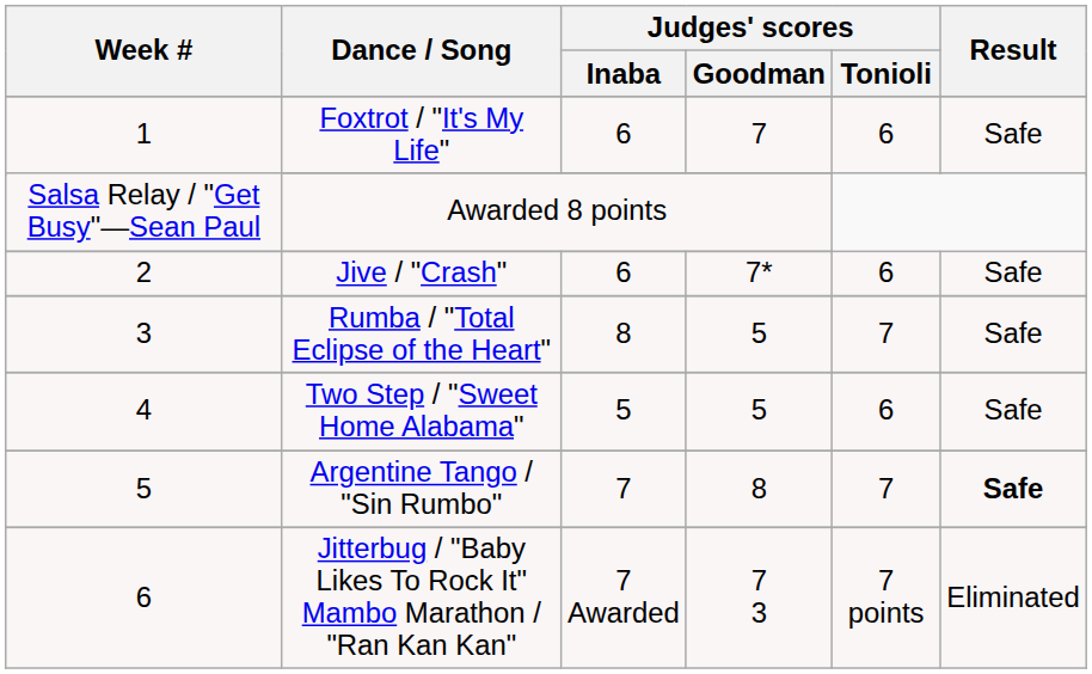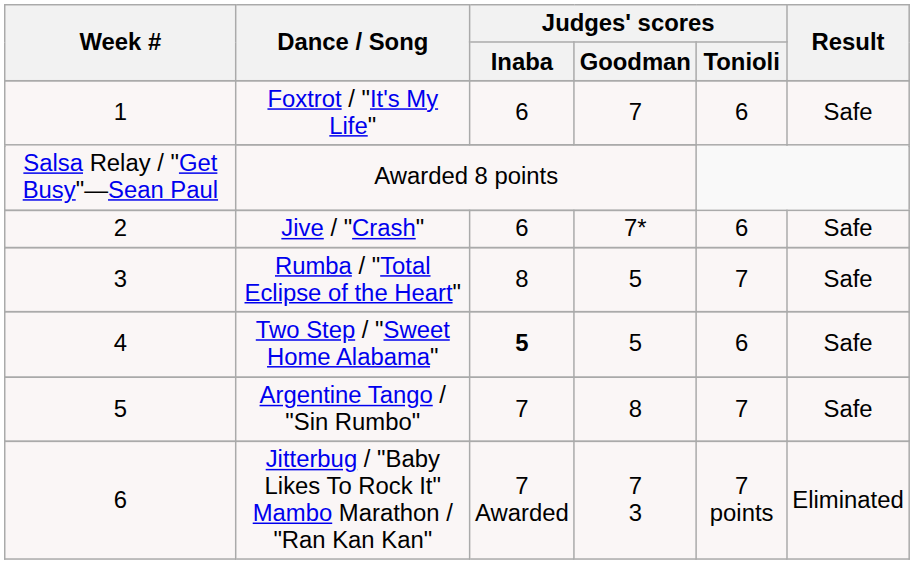 <table class="wikitable" style="text-align:center;">
 <tr>
 <th rowspan="2" bgcolor="CCCCCC">Week #</th>
 <th rowspan="2" bgcolor="CCCCCC">Dance / Song</th>
 <th colspan="3" bgcolor="CCCCCC">Judges' scores</th>
 <th rowspan="2" bgcolor="CCCCCC">Result</th>
 </tr>
 <tr>
 <th bgcolor="CCCCCC" width="10%">Inaba</th>
 <th bgcolor="CCCCCC" width="10%">Goodman</th>
 <th bgcolor="CCCCCC" width="10%">Tonioli</th>
 </tr>
 <tr>
 </tr>
 <tr>
 <td rowspan=2 bgcolor="FAF6F6">1</td>
 <td bgcolor="FAF6F6"><a href='#'>Foxtrot</a> / "<a href='#'>It's My Life</a>"</td>
 <td bgcolor="FAF6F6">6</td>
 <td bgcolor="FAF6F6">7</td>
 <td bgcolor="FAF6F6">6</td>
 <td rowspan=2 bgcolor="FAF6F6">Safe</td>
 </tr>
 <tr>
 </tr>
 <tr>
 <td bgcolor="FAF6F6"><a href='#'>Salsa</a> Relay / "<a href='#'>Get Busy</a>"—<a href='#'>Sean Paul</a></td>
 <td colspan="3" bgcolor="FAF6F6">Awarded 8 points</td>
 </tr>
 <tr>
 </tr>
 <tr>
 <td bgcolor="FAF6F6">2</td>
 <td bgcolor="FAF6F6"><a href='#'>Jive</a> / "<a href='#'>Crash</a>"</td>
 <td bgcolor="FAF6F6">6</td>
 <td bgcolor="FAF6F6">7*</td>
 <td bgcolor="FAF6F6">6</td>
 <td bgcolor="FAF6F6">Safe</td>
 </tr>
 <tr>
 </tr>
 <tr>
 <td bgcolor="FAF6F6">3</td>
 <td bgcolor="FAF6F6"><a href='#'>Rumba</a> / "<a href='#'>Total Eclipse of the Heart</a>"</td>
 <td bgcolor="FAF6F6">8</td>
 <td bgcolor="FAF6F6">5</td>
 <td bgcolor="FAF6F6">7</td>
 <td bgcolor="FAF6F6">Safe</td>
 </tr>
 <tr>
 </tr>
 <tr>
 <td bgcolor="FAF6F6">4</td>
 <td bgcolor="FAF6F6"><a href='#'>Two Step</a> / "<a href='#'>Sweet Home Alabama</a>"</td>
-<td bgcolor="FAF6F6">5</td>
+<td bgcolor="FAF6F6"><strong>5</strong></td>
 <td bgcolor="FAF6F6">5</td>
 <td bgcolor="FAF6F6">6</td>
 <td bgcolor="FAF6F6">Safe</td>
 </tr>
 <tr>
 </tr>
 <tr>
 <td bgcolor="FAF6F6">5</td>
 <td bgcolor="FAF6F6"><a href='#'>Argentine Tango</a> / "Sin Rumbo"</td>
 <td bgcolor="FAF6F6">7</td>
 <td bgcolor="FAF6F6">8</td>
 <td bgcolor="FAF6F6">7</td>
-<td bgcolor="FAF6F6"><strong>Safe</strong></td>
+<td bgcolor="FAF6F6">Safe</td>
 </tr>
 <tr>
 </tr>
 <tr>
 <td bgcolor="FAF6F6">6</td>
 <td bgcolor="FAF6F6"><a href='#'>Jitterbug</a> / "Baby Likes To Rock It" <br> <a href='#'>Mambo</a> Marathon / "Ran Kan Kan"</td>
 <td bgcolor="FAF6F6">7 <br> Awarded</td>
 <td bgcolor="FAF6F6">7 <br> 3</td>
 <td bgcolor="FAF6F6">7 <br> points</td>
 <td bgcolor="FAF6F6">Eliminated</td>
 </tr>
 </table>
